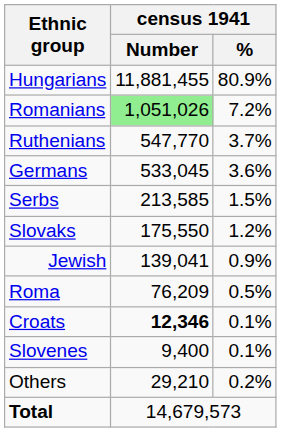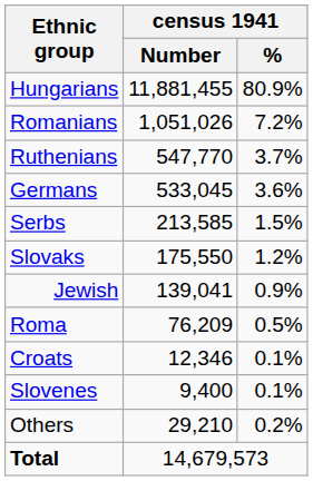 <table class="wikitable" style="text-align: right;">
 <tr bgcolor="#e0e0e0">
 <th rowspan="2">Ethnic<br>group</th>
 <th colspan="2">census 1941</th>
 </tr>
 <tr bgcolor="#e0e0e0">
 <th>Number</th>
 <th>%</th>
 </tr>
 <tr>
 <td align="left"><a href='#'>Hungarians</a></td>
 <td>11,881,455</td>
 <td>80.9%</td>
 </tr>
 <tr>
 <td align="left"><a href='#'>Romanians</a></td>
-<td style="background: lightgreen;">1,051,026</td>
+<td>1,051,026</td>
 <td>7.2%</td>
 </tr>
 <tr>
 <td align="left"><a href='#'>Ruthenians</a></td>
 <td>547,770</td>
 <td>3.7%</td>
 </tr>
 <tr>
 <td align="left"><a href='#'>Germans</a></td>
 <td>533,045</td>
 <td>3.6%</td>
 </tr>
 <tr>
 <td align="left"><a href='#'>Serbs</a></td>
 <td>213,585</td>
 <td>1.5%</td>
 </tr>
 <tr>
 <td align="left"><a href='#'>Slovaks</a></td>
 <td>175,550</td>
 <td>1.2%</td>
 </tr>
 <tr>
 <td><a href='#'>Jewish</a></td>
 <td>139,041</td>
 <td>0.9%</td>
 </tr>
 <tr>
 <td align="left"><a href='#'>Roma</a></td>
 <td>76,209</td>
 <td>0.5%</td>
 </tr>
 <tr>
 <td align="left"><a href='#'>Croats</a></td>
-<td><strong>12,346</strong></td>
+<td>12,346</td>
 <td>0.1%</td>
 </tr>
 <tr>
 <td align="left"><a href='#'>Slovenes</a></td>
 <td>9,400</td>
 <td>0.1%</td>
 </tr>
 <tr>
 <td align="left">Others</td>
 <td>29,210</td>
 <td>0.2%</td>
 </tr>
 <tr>
 <td align="left"><strong>Total</strong></td>
 <td colspan="2" align="center">14,679,573</td>
 </tr>
 </table>
